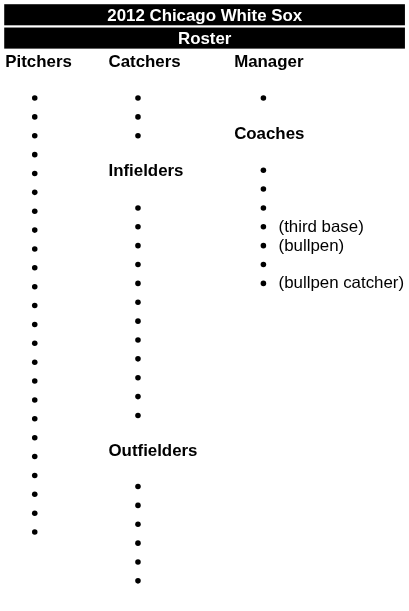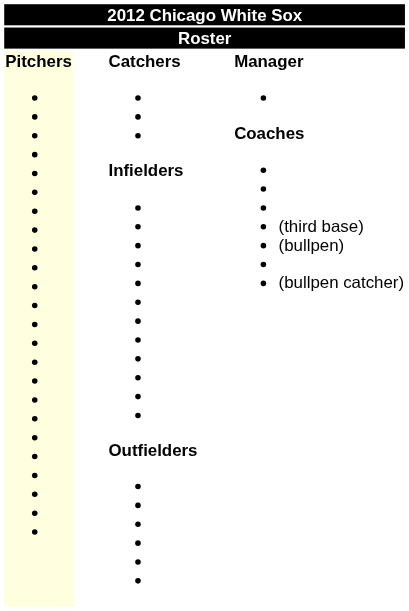 <table class="toccolours" style="font-size: 95%;">
 <tr>
 <th colspan="10" style="background:black; color:#fff; text-align:center;">2012 Chicago White Sox</th>
 </tr>
 <tr>
 <td colspan="10" style="background:black; color:white; text-align:center;"><strong>Roster</strong></td>
 </tr>
 <tr>
-<td valign="top"><strong>Pitchers</strong><br><ul><li></li><li></li><li></li><li></li><li></li><li></li><li></li><li></li><li></li><li></li><li></li><li></li><li></li><li></li><li></li><li></li><li></li><li></li><li></li><li></li><li></li><li></li><li></li><li></li></ul></td>
+<td valign="top" style="background: lightyellow;"><strong>Pitchers</strong><br><ul><li></li><li></li><li></li><li></li><li></li><li></li><li></li><li></li><li></li><li></li><li></li><li></li><li></li><li></li><li></li><li></li><li></li><li></li><li></li><li></li><li></li><li></li><li></li><li></li></ul></td>
 <td style="width:25px;"></td>
 <td valign="top"><strong>Catchers</strong><br><ul><li></li><li></li><li></li></ul><strong>Infielders</strong><ul><li></li><li></li><li></li><li></li><li></li><li></li><li></li><li></li><li></li><li></li><li></li><li></li></ul><strong>Outfielders</strong><ul><li></li><li></li><li></li><li></li><li></li><li></li></ul></td>
 <td style="width:25px;"></td>
 <td valign="top"><strong>Manager</strong><br><ul><li></li></ul><strong>Coaches</strong><ul><li></li><li></li><li></li><li> (third base)</li><li> (bullpen)</li><li></li><li> (bullpen catcher)</li></ul></td>
 </tr>
 </table>
